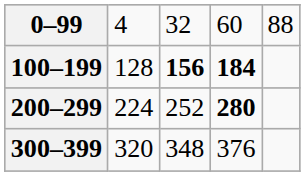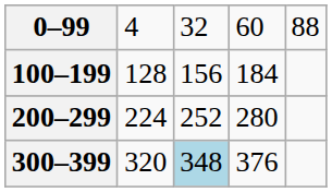 <table class="wikitable">
 <tr>
 <th>0–99</th>
 <td>4</td>
 <td>32</td>
 <td>60</td>
 <td>88</td>
 </tr>
 <tr>
 <th>100–199</th>
 <td>128</td>
-<td><strong>156</strong></td>
-<td><strong>184</strong></td>
+<td>156</td>
+<td>184</td>
 <td></td>
 </tr>
 <tr>
 <th>200–299</th>
 <td>224</td>
 <td>252</td>
-<td><strong>280</strong></td>
+<td>280</td>
 <td></td>
 </tr>
 <tr>
 <th>300–399</th>
 <td>320</td>
-<td>348</td>
+<td style="background: lightblue;">348</td>
 <td>376</td>
 <td></td>
 </tr>
 </table>
